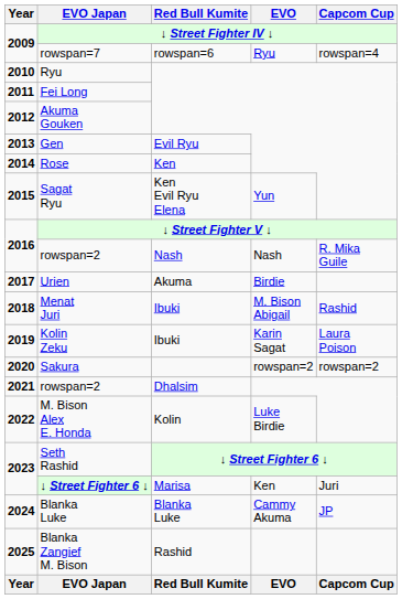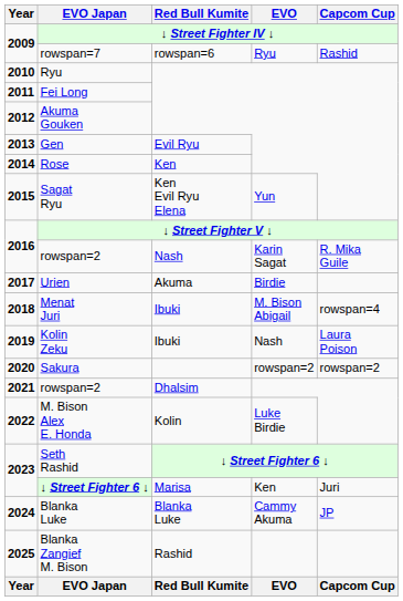 <table class="wikitable sortable">
 <tr>
 <th>Year</th>
 <th><a href='#'>EVO Japan</a></th>
 <th><a href='#'>Red Bull Kumite</a></th>
 <th><a href='#'>EVO</a></th>
 <th><a href='#'>Capcom Cup</a></th>
 </tr>
 <tr>
 <td rowspan=2><strong>2009</strong></td>
 <td colspan="4" style="background: #DEFFDE; text-align: center;">↓ <strong><em><a href='#'>Street Fighter IV</a></em></strong> ↓</td>
 </tr>
 <tr>
 <td>rowspan=7 </td>
 <td>rowspan=6 </td>
 <td><a href='#'>Ryu</a> </td>
-<td>rowspan=4 </td>
+<td><a href='#'>Rashid</a> </td>
 </tr>
 <tr>
 <td><strong>2010</strong></td>
 <td>Ryu </td>
 </tr>
 <tr>
 <td><strong>2011</strong></td>
 <td><a href='#'>Fei Long</a> </td>
 </tr>
 <tr>
 <td><strong>2012</strong></td>
 <td><a href='#'>Akuma</a> <br><a href='#'>Gouken</a> </td>
 </tr>
 <tr>
 <td><strong>2013</strong></td>
 <td><a href='#'>Gen</a> </td>
 <td><a href='#'>Evil Ryu</a> </td>
 </tr>
 <tr>
 <td><strong>2014</strong></td>
 <td><a href='#'>Rose</a> </td>
 <td><a href='#'>Ken</a> </td>
 </tr>
 <tr>
 <td><strong>2015</strong></td>
 <td><a href='#'>Sagat</a> <br>Ryu </td>
 <td>Ken <br>Evil Ryu <br><a href='#'>Elena</a> </td>
 <td><a href='#'>Yun</a> </td>
 </tr>
 <tr>
 <td rowspan=2><strong>2016</strong></td>
 <td colspan="4" style="background: #DEFFDE; text-align: center;">↓ <strong><em><a href='#'>Street Fighter V</a></em></strong> ↓</td>
 </tr>
 <tr>
 <td>rowspan=2 </td>
 <td><a href='#'>Nash</a> </td>
-<td>Nash </td>
+<td><a href='#'>Karin</a> <br>Sagat </td>
 <td><a href='#'>R. Mika</a> <br><a href='#'>Guile</a> </td>
 </tr>
 <tr>
 <td><strong>2017</strong></td>
 <td><a href='#'>Urien</a> </td>
 <td>Akuma </td>
 <td><a href='#'>Birdie</a> </td>
 </tr>
 <tr>
 <td><strong>2018</strong></td>
 <td><a href='#'>Menat</a> <br><a href='#'>Juri</a> </td>
 <td><a href='#'>Ibuki</a> </td>
 <td><a href='#'>M. Bison</a> <br><a href='#'>Abigail</a> </td>
-<td><a href='#'>Rashid</a> </td>
+<td>rowspan=4 </td>
 </tr>
 <tr>
 <td><strong>2019</strong></td>
 <td><a href='#'>Kolin</a> <br><a href='#'>Zeku</a> </td>
 <td>Ibuki </td>
-<td><a href='#'>Karin</a> <br>Sagat </td>
+<td>Nash </td>
 <td><a href='#'>Laura</a> <br><a href='#'>Poison</a> </td>
 </tr>
 <tr>
 <td><strong>2020</strong></td>
 <td><a href='#'>Sakura</a> </td>
 <td></td>
 <td>rowspan=2 </td>
 <td>rowspan=2 </td>
 </tr>
 <tr>
 <td><strong>2021</strong></td>
 <td>rowspan=2 </td>
 <td><a href='#'>Dhalsim</a> </td>
 </tr>
 <tr>
 <td><strong>2022</strong></td>
 <td>M. Bison <br><a href='#'>Alex</a> <br><a href='#'>E. Honda</a> </td>
 <td>Kolin </td>
 <td><a href='#'>Luke</a> <br>Birdie </td>
 </tr>
 <tr>
 <td rowspan=2><strong>2023</strong></td>
 <td><a href='#'>Seth</a> <br>Rashid </td>
 <td colspan="3" style="background: #DEFFDE; text-align: center;">↓ <strong><em><a href='#'>Street Fighter 6</a></em></strong> ↓</td>
 </tr>
 <tr>
 <td style="background: #DEFFDE; text-align: center;">↓ <strong><em><a href='#'>Street Fighter 6</a></em></strong> ↓</td>
 <td><a href='#'>Marisa</a> </td>
 <td>Ken </td>
 <td>Juri </td>
 </tr>
 <tr>
 <td><strong>2024</strong></td>
 <td>Blanka <br>Luke </td>
 <td><a href='#'>Blanka</a> <br>Luke </td>
 <td><a href='#'>Cammy</a> <br>Akuma </td>
 <td><a href='#'>JP</a> </td>
 </tr>
 <tr>
 <td><strong>2025</strong></td>
 <td>Blanka <br><a href='#'>Zangief</a> <br>M. Bison </td>
 <td>Rashid </td>
 <td></td>
 <td></td>
 </tr>
 <tr>
 <th>Year</th>
 <th>EVO Japan</th>
 <th>Red Bull Kumite</th>
 <th>EVO</th>
 <th>Capcom Cup</th>
 </tr>
 </table>
